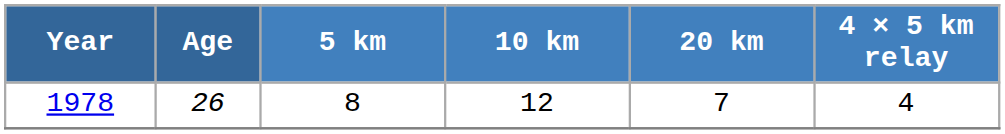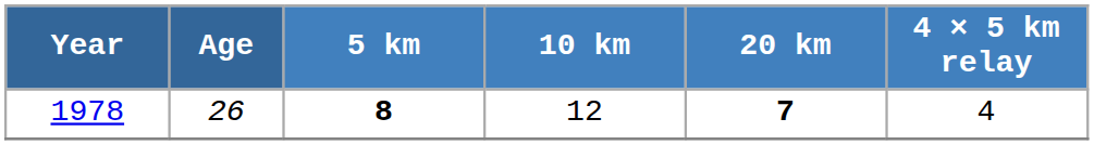 <table class="wikitable" style="font-size:95%; text-align:center; border:grey solid 1px; border-collapse:collapse; background:#ffffff;">
 <tr>
 <th style="background-color:#369; color:white; width:60px;"> Year </th>
 <th style="background-color:#369; color:white; width:40px;"> Age </th>
 <th style="background-color:#4180be; color:white; width:75px;"> 5 km </th>
 <th style="background-color:#4180be; color:white; width:75px;"> 10 km </th>
 <th style="background-color:#4180be; color:white; width:75px;"> 20 km </th>
 <th style="background-color:#4180be; color:white; width:75px;"> 4 × 5 km <br> relay </th>
 </tr>
 <tr>
 <td><a href='#'>1978</a></td>
 <td><em>26</em></td>
-<td>8</td>
+<td><strong>8</strong></td>
 <td>12</td>
-<td>7</td>
+<td><strong>7</strong></td>
 <td>4</td>
 </tr>
 <tr>
 </tr>
 </table>
